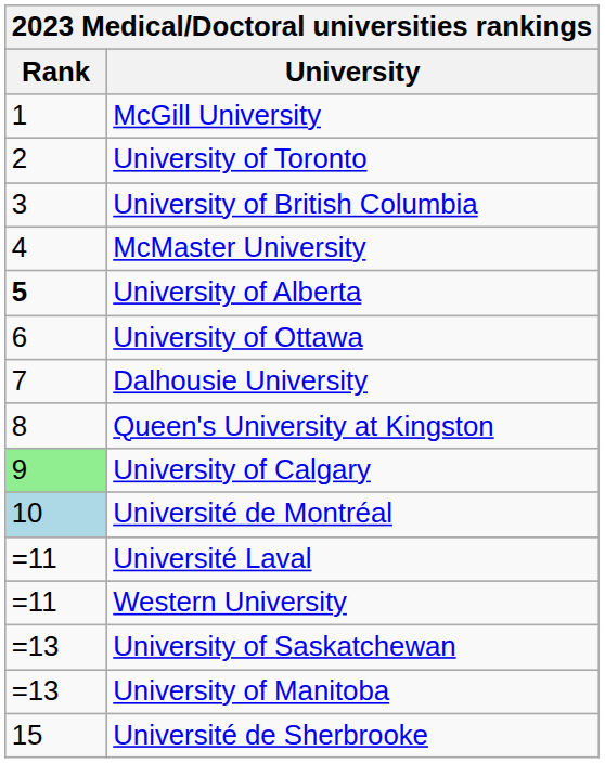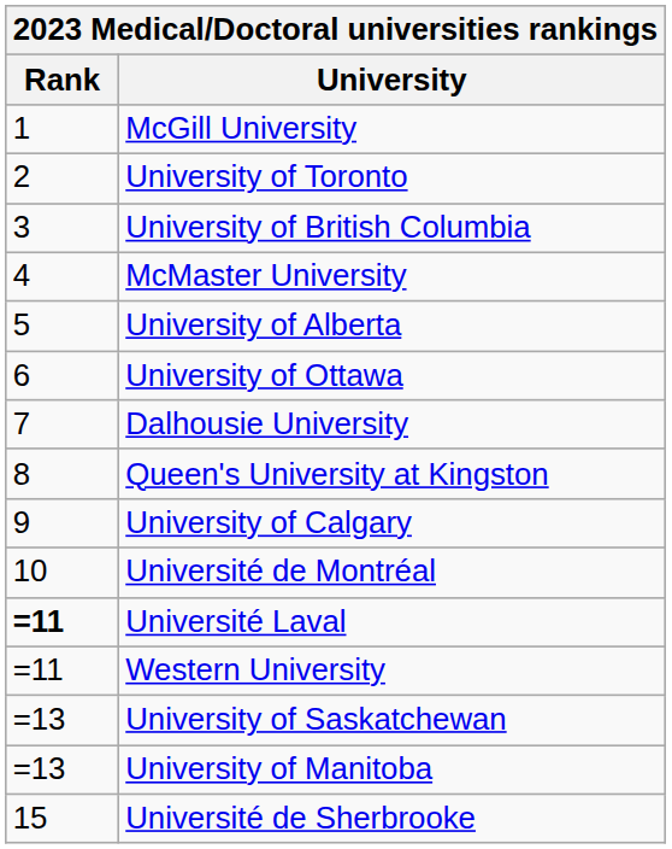 <table class="wikitable sortable">
 <tr>
 <th colspan="3">2023 Medical/Doctoral universities rankings</th>
 </tr>
 <tr>
 <th>Rank</th>
 <th>University</th>
 </tr>
 <tr>
 <td>1</td>
 <td><a href='#'>McGill University</a></td>
 </tr>
 <tr>
 <td>2</td>
 <td><a href='#'>University of Toronto</a></td>
 </tr>
 <tr>
 <td>3</td>
 <td><a href='#'>University of British Columbia</a></td>
 </tr>
 <tr>
 <td>4</td>
 <td><a href='#'>McMaster University</a></td>
 </tr>
 <tr>
-<td><strong>5</strong></td>
+<td>5</td>
 <td><a href='#'>University of Alberta</a></td>
 </tr>
 <tr>
 <td>6</td>
 <td><a href='#'>University of Ottawa</a></td>
 </tr>
 <tr>
 <td>7</td>
 <td><a href='#'>Dalhousie University</a></td>
 </tr>
 <tr>
 <td>8</td>
 <td><a href='#'>Queen's University at Kingston</a></td>
 </tr>
 <tr>
-<td style="background: lightgreen;">9</td>
+<td>9</td>
 <td><a href='#'>University of Calgary</a></td>
 </tr>
 <tr>
-<td style="background: lightblue;">10</td>
+<td>10</td>
 <td><a href='#'>Université de Montréal</a></td>
 </tr>
 <tr>
-<td data-sort-value="11">=11</td>
+<td data-sort-value="11"><strong>=11</strong></td>
 <td><a href='#'>Université Laval</a></td>
 </tr>
 <tr>
 <td data-sort-value="11">=11</td>
 <td><a href='#'>Western University</a></td>
 </tr>
 <tr>
 <td data-sort-value="13">=13</td>
 <td><a href='#'>University of Saskatchewan</a></td>
 </tr>
 <tr>
 <td data-sort-value="13">=13</td>
 <td><a href='#'>University of Manitoba</a></td>
 </tr>
 <tr>
 <td>15</td>
 <td><a href='#'>Université de Sherbrooke</a></td>
 </tr>
 </table>
